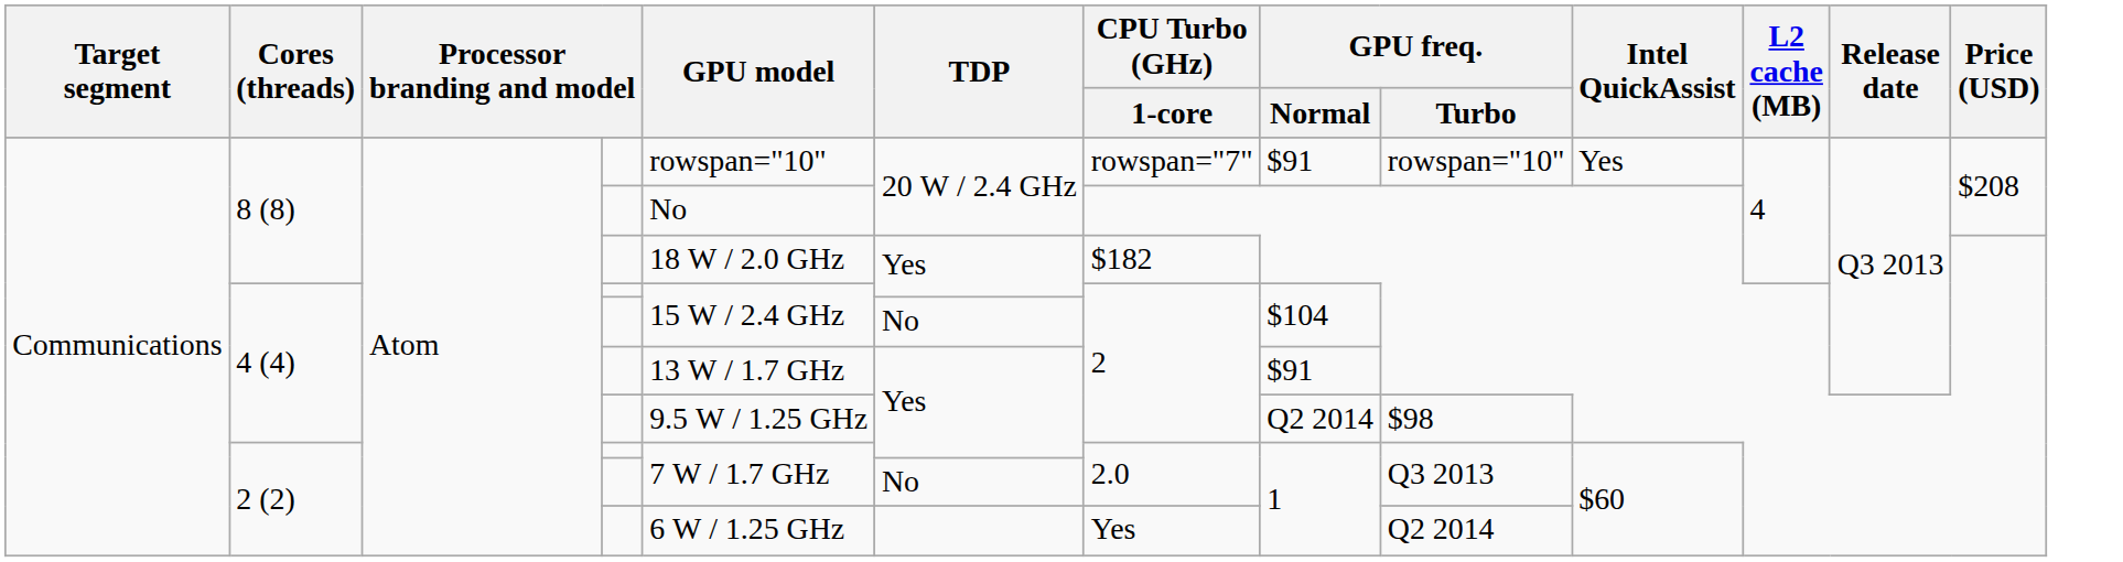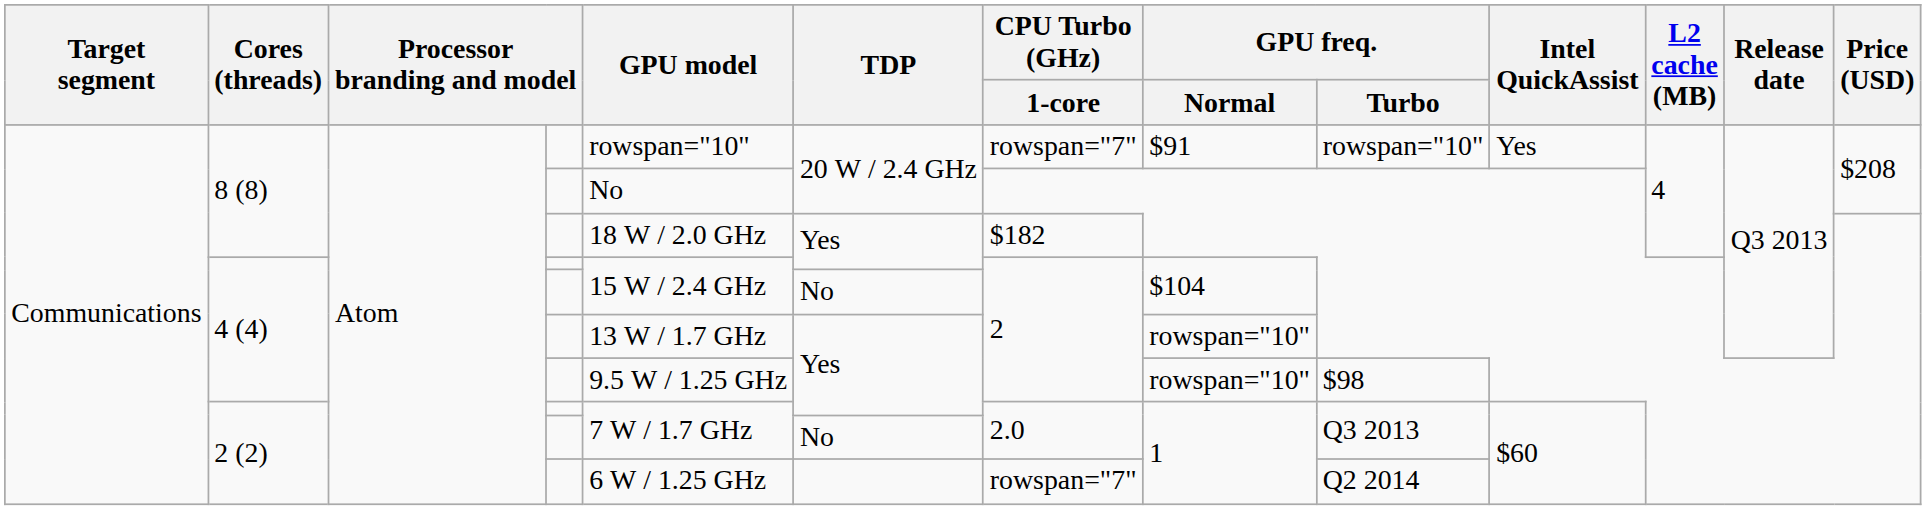 <table class="wikitable">
 <tr>
 <th rowspan=2>Target<br>segment</th>
 <th rowspan=2>Cores<br>(threads)</th>
 <th colspan=2 rowspan="2">Processor<br>branding and model</th>
 <th rowspan=2>GPU model</th>
 <th rowspan=2>TDP</th>
 <th>CPU Turbo<br>(GHz)</th>
 <th colspan=2>GPU freq.</th>
 <th rowspan=2>Intel<br> QuickAssist</th>
 <th rowspan=2><a href='#'>L2<br>cache</a><br>(MB)</th>
 <th rowspan=2>Release<br>date</th>
 <th rowspan=2>Price<br>(USD)</th>
 </tr>
 <tr>
 <th>1-core</th>
 <th>Normal</th>
 <th>Turbo</th>
 </tr>
 <tr>
 <td rowspan="10">Communications</td>
 <td rowspan="3">8 (8)</td>
 <td rowspan="10">Atom</td>
 <td></td>
 <td>rowspan="10" </td>
 <td rowspan="2">20 W / 2.4 GHz</td>
 <td>rowspan="7" </td>
 <td>$91</td>
 <td>rowspan="10" </td>
 <td>Yes</td>
 <td rowspan="3">4</td>
 <td rowspan="6">Q3 2013</td>
 <td rowspan="2">$208</td>
 </tr>
 <tr>
 <td></td>
 <td>No</td>
 </tr>
 <tr>
 <td></td>
 <td>18 W / 2.0 GHz</td>
 <td rowspan="2">Yes</td>
 <td>$182</td>
 </tr>
 <tr>
 <td rowspan="4">4 (4)</td>
 <td></td>
 <td rowspan="2">15 W / 2.4 GHz</td>
 <td rowspan="4">2</td>
 <td rowspan="2">$104</td>
 </tr>
 <tr>
 <td></td>
 <td>No</td>
 </tr>
 <tr>
 <td></td>
 <td>13 W / 1.7 GHz</td>
 <td rowspan="3">Yes</td>
-<td>$91</td>
+<td>rowspan="10" </td>
 </tr>
 <tr>
 <td></td>
 <td>9.5 W / 1.25 GHz</td>
-<td>Q2 2014</td>
+<td>rowspan="10" </td>
 <td>$98</td>
 </tr>
 <tr>
 <td rowspan="3">2 (2)</td>
 <td></td>
 <td rowspan="2">7 W / 1.7 GHz</td>
 <td rowspan="2">2.0</td>
 <td rowspan="3">1</td>
 <td rowspan="2">Q3 2013</td>
 <td rowspan="3">$60</td>
 </tr>
 <tr>
 <td></td>
 <td>No</td>
 </tr>
 <tr>
 <td></td>
 <td>6 W / 1.25 GHz</td>
 <td></td>
-<td>Yes</td>
+<td>rowspan="7" </td>
 <td>Q2 2014</td>
 </tr>
 </table>
